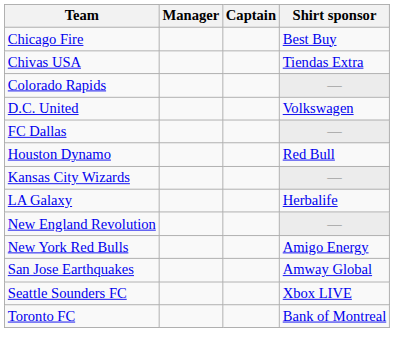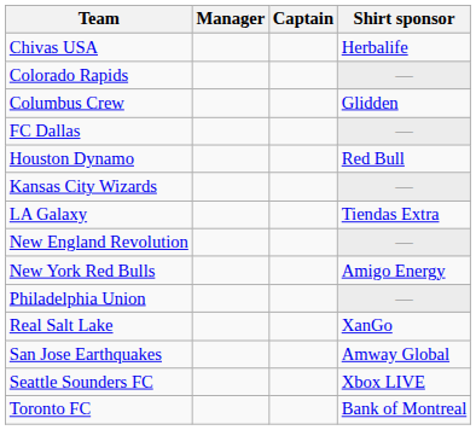 <table class="wikitable sortable" style="text-align: left;">
 <tr>
 <th>Team</th>
 <th>Manager</th>
 <th>Captain</th>
 <th>Shirt sponsor</th>
 </tr>
 <tr>
-<td><a href='#'>Chicago Fire</a></td>
-<td> </td>
-<td> </td>
-<td><a href='#'>Best Buy</a></td>
-</tr>
-<tr>
 <td><a href='#'>Chivas USA</a></td>
 <td> </td>
 <td> </td>
-<td><a href='#'>Tiendas Extra</a></td>
+<td><a href='#'>Herbalife</a></td>
 </tr>
 <tr>
 <td><a href='#'>Colorado Rapids</a></td>
 <td> </td>
 <td> </td>
 <td align="center" style="background:#ececec; color:gray">—</td>
 </tr>
 <tr>
-<td><a href='#'>D.C. United</a></td>
+<td><a href='#'>Columbus Crew</a></td>
 <td> </td>
 <td> </td>
-<td><a href='#'>Volkswagen</a></td>
+<td><a href='#'>Glidden</a></td>
 </tr>
 <tr>
 <td><a href='#'>FC Dallas</a></td>
 <td> </td>
 <td> </td>
 <td align="center" style="background:#ececec; color:gray">—</td>
 </tr>
 <tr>
 <td><a href='#'>Houston Dynamo</a></td>
 <td> </td>
 <td> </td>
 <td><a href='#'>Red Bull</a></td>
 </tr>
 <tr>
 <td><a href='#'>Kansas City Wizards</a></td>
 <td> </td>
 <td> </td>
 <td align="center" style="background:#ececec; color:gray">—</td>
 </tr>
 <tr>
 <td><a href='#'>LA Galaxy</a></td>
 <td> </td>
 <td> </td>
-<td><a href='#'>Herbalife</a></td>
+<td><a href='#'>Tiendas Extra</a></td>
 </tr>
 <tr>
 <td><a href='#'>New England Revolution</a></td>
 <td> </td>
 <td> </td>
 <td align="center" style="background:#ececec; color:gray">—</td>
 </tr>
 <tr>
 <td><a href='#'>New York Red Bulls</a></td>
 <td> </td>
 <td> </td>
 <td><a href='#'>Amigo Energy</a></td>
+</tr>
+<tr>
+<td><a href='#'>Philadelphia Union</a></td>
+<td> </td>
+<td> </td>
+<td align="center" style="background:#ececec; color:gray">—</td>
+</tr>
+<tr>
+<td><a href='#'>Real Salt Lake</a></td>
+<td> </td>
+<td> </td>
+<td><a href='#'>XanGo</a></td>
 </tr>
 <tr>
 <td><a href='#'>San Jose Earthquakes</a></td>
 <td> </td>
 <td> </td>
 <td><a href='#'>Amway Global</a></td>
 </tr>
 <tr>
 <td><a href='#'>Seattle Sounders FC</a></td>
 <td> </td>
 <td> </td>
 <td><a href='#'>Xbox LIVE</a></td>
 </tr>
 <tr>
 <td><a href='#'>Toronto FC</a></td>
 <td> </td>
 <td> </td>
 <td><a href='#'>Bank of Montreal</a></td>
 </tr>
 </table>
